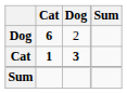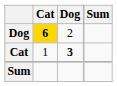 <table class="wikitable" style="float:right; text-align:center;">
 <tr>
 <th></th>
 <th>Cat</th>
 <th>Dog</th>
 <th rowspan="4" style="padding:0;"></th>
 <th>Sum</th>
 </tr>
 <tr>
 <th>Dog</th>
-<td><strong>6</strong></td>
+<td style="background: gold;"><strong>6</strong></td>
 <td>2</td>
 <td></td>
 </tr>
 <tr>
 <th>Cat</th>
-<td><strong>1</strong></td>
+<td>1</td>
 <td><strong>3</strong></td>
 <td></td>
 </tr>
 <tr style="border-top:2px solid #aaa;">
 <th>Sum</th>
 <td></td>
 <td></td>
 <td></td>
 </tr>
 </table>
